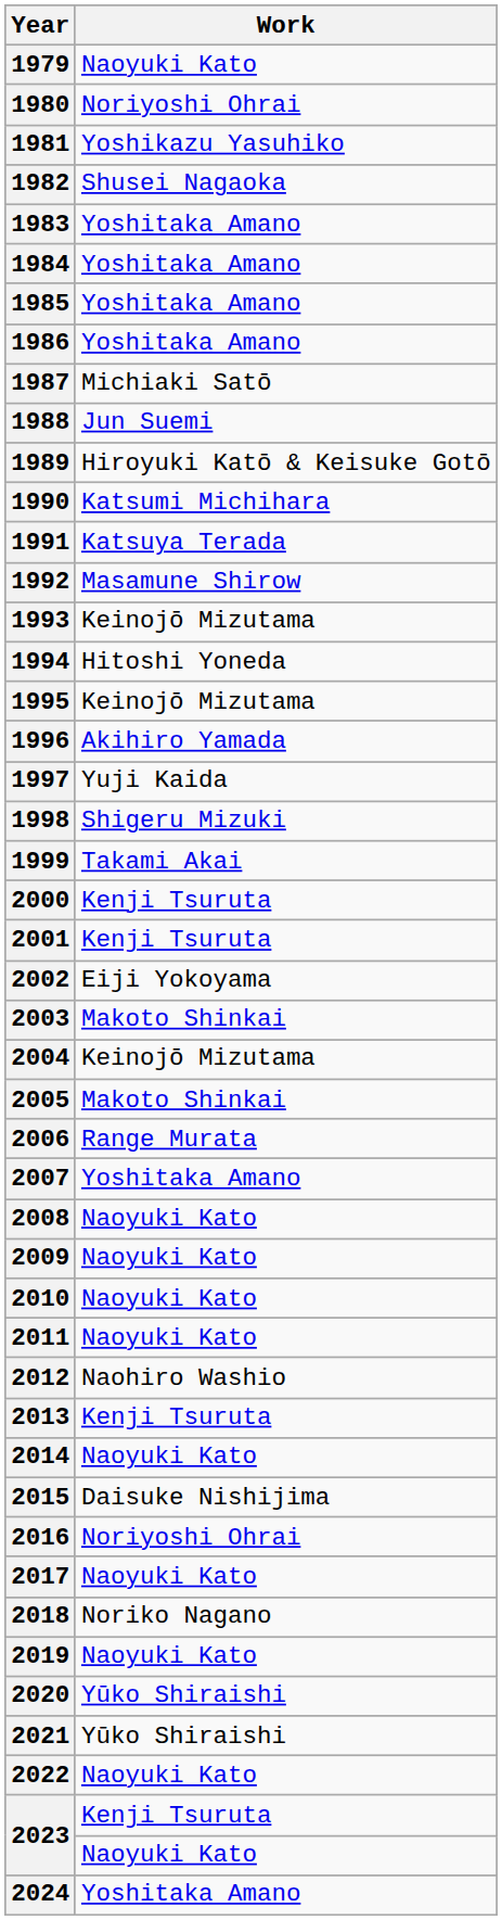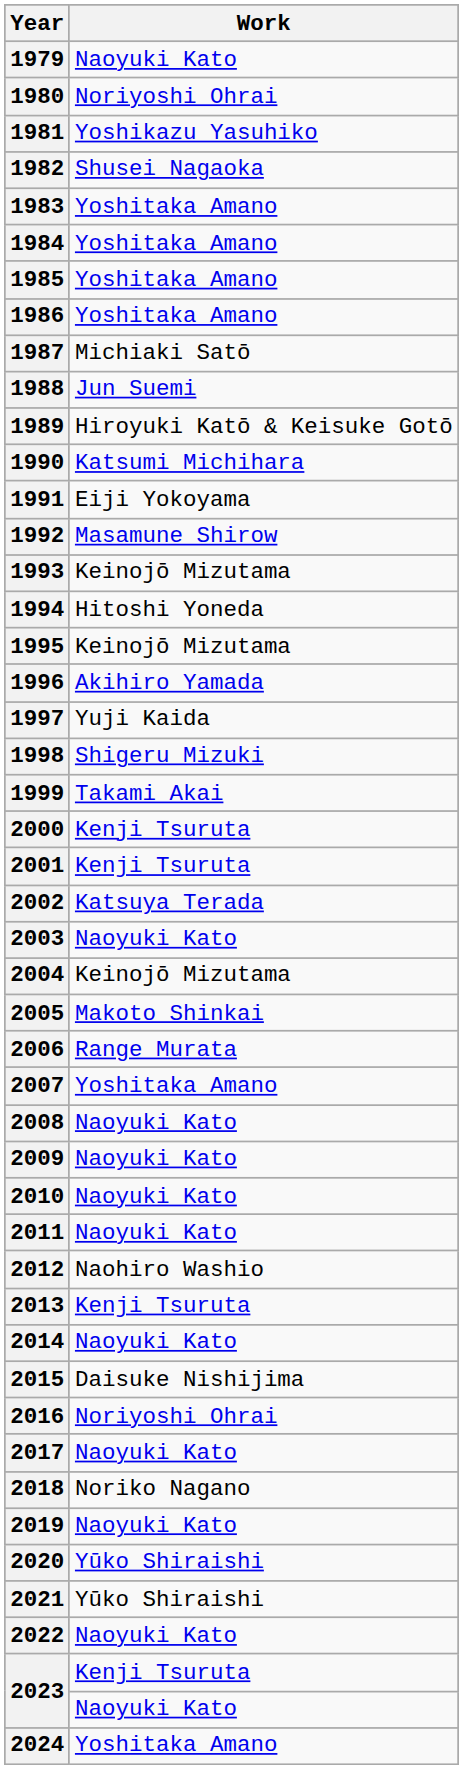 <table class="wikitable">
 <tr>
 <th>Year</th>
 <th>Work</th>
 </tr>
 <tr>
 <th>1979</th>
 <td><a href='#'>Naoyuki Kato</a></td>
 </tr>
 <tr>
 <th>1980</th>
 <td><a href='#'>Noriyoshi Ohrai</a></td>
 </tr>
 <tr>
 <th>1981</th>
 <td><a href='#'>Yoshikazu Yasuhiko</a></td>
 </tr>
 <tr>
 <th>1982</th>
 <td><a href='#'>Shusei Nagaoka</a></td>
 </tr>
 <tr>
 <th>1983</th>
 <td><a href='#'>Yoshitaka Amano</a></td>
 </tr>
 <tr>
 <th>1984</th>
 <td><a href='#'>Yoshitaka Amano</a></td>
 </tr>
 <tr>
 <th>1985</th>
 <td><a href='#'>Yoshitaka Amano</a></td>
 </tr>
 <tr>
 <th>1986</th>
 <td><a href='#'>Yoshitaka Amano</a></td>
 </tr>
 <tr>
 <th>1987</th>
 <td>Michiaki Satō</td>
 </tr>
 <tr>
 <th>1988</th>
 <td><a href='#'>Jun Suemi</a></td>
 </tr>
 <tr>
 <th>1989</th>
 <td>Hiroyuki Katō & Keisuke Gotō</td>
 </tr>
 <tr>
 <th>1990</th>
 <td><a href='#'>Katsumi Michihara</a></td>
 </tr>
 <tr>
 <th>1991</th>
-<td><a href='#'>Katsuya Terada</a></td>
+<td>Eiji Yokoyama</td>
 </tr>
 <tr>
 <th>1992</th>
 <td><a href='#'>Masamune Shirow</a></td>
 </tr>
 <tr>
 <th>1993</th>
 <td>Keinojō Mizutama</td>
 </tr>
 <tr>
 <th>1994</th>
 <td>Hitoshi Yoneda</td>
 </tr>
 <tr>
 <th>1995</th>
 <td>Keinojō Mizutama</td>
 </tr>
 <tr>
 <th>1996</th>
 <td><a href='#'>Akihiro Yamada</a></td>
 </tr>
 <tr>
 <th>1997</th>
 <td>Yuji Kaida</td>
 </tr>
 <tr>
 <th>1998</th>
 <td><a href='#'>Shigeru Mizuki</a></td>
 </tr>
 <tr>
 <th>1999</th>
 <td><a href='#'>Takami Akai</a></td>
 </tr>
 <tr>
 <th>2000</th>
 <td><a href='#'>Kenji Tsuruta</a></td>
 </tr>
 <tr>
 <th>2001</th>
 <td><a href='#'>Kenji Tsuruta</a></td>
 </tr>
 <tr>
 <th>2002</th>
-<td>Eiji Yokoyama</td>
+<td><a href='#'>Katsuya Terada</a></td>
 </tr>
 <tr>
 <th>2003</th>
-<td><a href='#'>Makoto Shinkai</a></td>
+<td><a href='#'>Naoyuki Kato</a></td>
 </tr>
 <tr>
 <th>2004</th>
 <td>Keinojō Mizutama</td>
 </tr>
 <tr>
 <th>2005</th>
 <td><a href='#'>Makoto Shinkai</a></td>
 </tr>
 <tr>
 <th>2006</th>
 <td><a href='#'>Range Murata</a></td>
 </tr>
 <tr>
 <th>2007</th>
 <td><a href='#'>Yoshitaka Amano</a></td>
 </tr>
 <tr>
 <th>2008</th>
 <td><a href='#'>Naoyuki Kato</a></td>
 </tr>
 <tr>
 <th>2009</th>
 <td><a href='#'>Naoyuki Kato</a></td>
 </tr>
 <tr>
 <th>2010</th>
 <td><a href='#'>Naoyuki Kato</a></td>
 </tr>
 <tr>
 <th>2011</th>
 <td><a href='#'>Naoyuki Kato</a></td>
 </tr>
 <tr>
 <th>2012</th>
 <td>Naohiro Washio</td>
 </tr>
 <tr>
 <th>2013</th>
 <td><a href='#'>Kenji Tsuruta</a></td>
 </tr>
 <tr>
 <th>2014</th>
 <td><a href='#'>Naoyuki Kato</a></td>
 </tr>
 <tr>
 <th>2015</th>
 <td>Daisuke Nishijima</td>
 </tr>
 <tr>
 <th>2016</th>
 <td><a href='#'>Noriyoshi Ohrai</a></td>
 </tr>
 <tr>
 <th>2017</th>
 <td><a href='#'>Naoyuki Kato</a></td>
 </tr>
 <tr>
 <th>2018</th>
 <td>Noriko Nagano</td>
 </tr>
 <tr>
 <th>2019</th>
 <td><a href='#'>Naoyuki Kato</a></td>
 </tr>
 <tr>
 <th>2020</th>
 <td><a href='#'>Yūko Shiraishi</a></td>
 </tr>
 <tr>
 <th>2021</th>
 <td>Yūko Shiraishi</td>
 </tr>
 <tr>
 <th>2022</th>
 <td><a href='#'>Naoyuki Kato</a></td>
 </tr>
 <tr>
 <th rowspan="2">2023</th>
 <td><a href='#'>Kenji Tsuruta</a></td>
 </tr>
 <tr>
 <td><a href='#'>Naoyuki Kato</a></td>
 </tr>
 <tr>
 <th>2024</th>
 <td><a href='#'>Yoshitaka Amano</a></td>
 </tr>
 </table>
